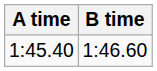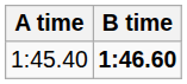 <table class="wikitable" border="1" align="upright">
 <tr>
 <th>A time</th>
 <th>B time</th>
 </tr>
 <tr>
 <td>1:45.40</td>
-<td>1:46.60</td>
+<td><strong>1:46.60</strong></td>
 </tr>
 </table>
